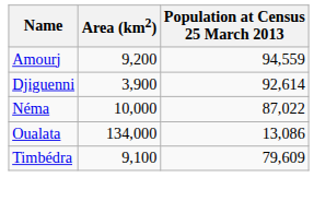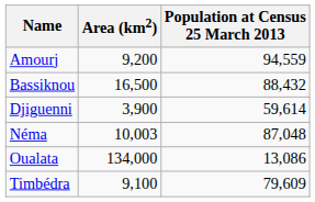 <table class="sortable wikitable" | style="clear:right; float:right;">
 <tr>
 <th>Name</th>
 <th>Area (km<sup>2</sup>)</th>
 <th>Population at Census <br> 25 March 2013</th>
 </tr>
 <tr>
 <td><a href='#'>Amourj</a></td>
 <td align="right">9,200</td>
 <td align="right">94,559</td>
 </tr>
 <tr>
+<td><a href='#'>Bassiknou</a></td>
+<td align="right">16,500</td>
+<td align="right">88,432</td>
+</tr>
+<tr>
 <td><a href='#'>Djiguenni</a></td>
 <td align="right">3,900</td>
-<td align="right">92,614</td>
+<td align="right">59,614</td>
 </tr>
 <tr>
 <td><a href='#'>Néma</a></td>
-<td align="right">10,000</td>
-<td align="right">87,022</td>
+<td align="right">10,003</td>
+<td align="right">87,048</td>
 </tr>
 <tr>
 <td><a href='#'>Oualata</a></td>
 <td align="right">134,000</td>
 <td align="right">13,086</td>
 </tr>
 <tr>
 <td><a href='#'>Timbédra</a></td>
 <td align="right">9,100</td>
 <td align="right">79,609</td>
 </tr>
 </table>
